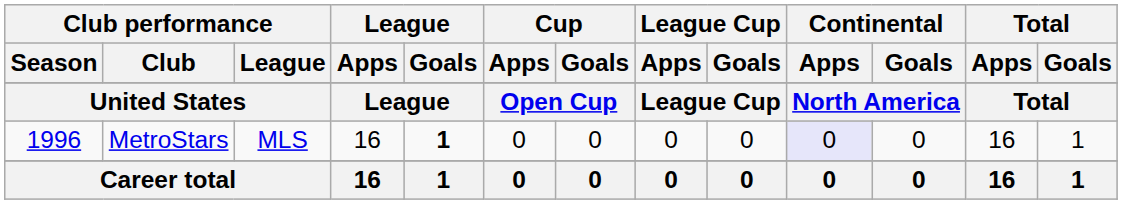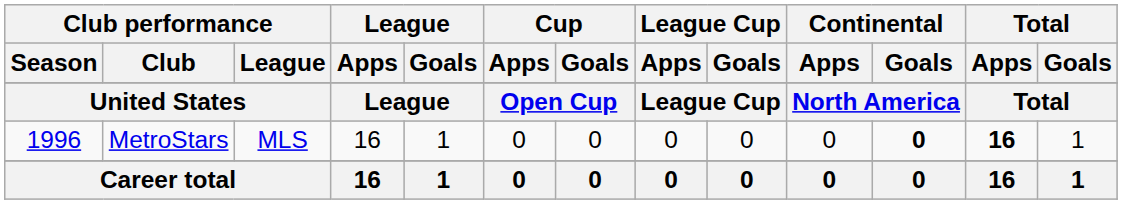 <table class="wikitable" style="text-align:center">
 <tr>
 <th colspan=3>Club performance</th>
 <th colspan=2>League</th>
 <th colspan=2>Cup</th>
 <th colspan=2>League Cup</th>
 <th colspan=2>Continental</th>
 <th colspan=2>Total</th>
 </tr>
 <tr>
 <th>Season</th>
 <th>Club</th>
 <th>League</th>
 <th>Apps</th>
 <th>Goals</th>
 <th>Apps</th>
 <th>Goals</th>
 <th>Apps</th>
 <th>Goals</th>
 <th>Apps</th>
 <th>Goals</th>
 <th>Apps</th>
 <th>Goals</th>
 </tr>
 <tr>
 </tr>
 <tr>
 <th colspan=3>United States</th>
 <th colspan=2>League</th>
 <th colspan=2><a href='#'>Open Cup</a></th>
 <th colspan=2>League Cup</th>
 <th colspan=2><a href='#'>North America</a></th>
 <th colspan=2>Total</th>
 </tr>
 <tr>
 <td><a href='#'>1996</a></td>
 <td><a href='#'>MetroStars</a></td>
 <td><a href='#'>MLS</a></td>
 <td>16</td>
-<td><strong>1</strong></td>
+<td>1</td>
 <td>0</td>
 <td>0</td>
 <td>0</td>
 <td>0</td>
-<td style="background: lavender;">0</td>
 <td>0</td>
-<td>16</td>
+<td><strong>0</strong></td>
+<td><strong>16</strong></td>
 <td>1</td>
 </tr>
 <tr>
 </tr>
 <tr>
 <th colspan=3>Career total</th>
 <th>16</th>
 <th>1</th>
 <th>0</th>
 <th>0</th>
 <th>0</th>
 <th>0</th>
 <th>0</th>
 <th>0</th>
 <th>16</th>
 <th>1</th>
 </tr>
 </table>
